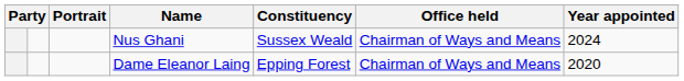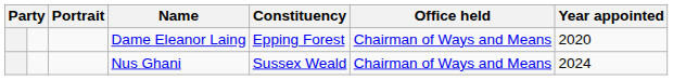 <table class="wikitable sortable">
 <tr>
 <th colspan=2>Party</th>
 <th>Portrait</th>
 <th>Name</th>
 <th>Constituency</th>
 <th>Office held</th>
 <th>Year appointed</th>
 </tr>
 <tr>
 <th style="background-color: "></th>
 <td></td>
 <td></td>
+<td><a href='#'>Dame Eleanor Laing</a></td>
+<td><a href='#'>Epping Forest</a></td>
+<td><a href='#'>Chairman of Ways and Means</a></td>
+<td>2020</td>
+</tr>
+<tr>
+<th style="background-color: "></th>
+<td></td>
+<td></td>
 <td><a href='#'>Nus Ghani</a></td>
 <td><a href='#'>Sussex Weald</a></td>
 <td><a href='#'>Chairman of Ways and Means</a></td>
 <td>2024</td>
 </tr>
-<tr>
-<th style="background-color: "></th>
-<td></td>
-<td></td>
-<td><a href='#'>Dame Eleanor Laing</a></td>
-<td><a href='#'>Epping Forest</a></td>
-<td><a href='#'>Chairman of Ways and Means</a></td>
-<td>2020</td>
-</tr>
 </table>
